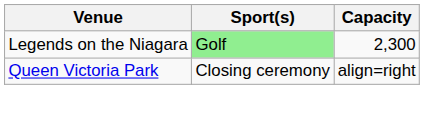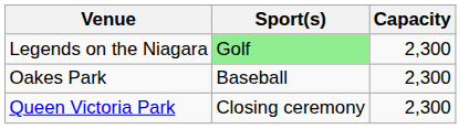 <table class="wikitable sortable">
 <tr>
 <th>Venue</th>
 <th>Sport(s)</th>
 <th>Capacity</th>
 </tr>
 <tr>
 <td>Legends on the Niagara</td>
 <td style="background: lightgreen;">Golf</td>
 <td align="right">2,300</td>
 </tr>
 <tr>
+<td>Oakes Park</td>
+<td>Baseball</td>
+<td align="right">2,300</td>
+</tr>
+<tr>
 <td><a href='#'>Queen Victoria Park</a></td>
 <td>Closing ceremony</td>
-<td>align=right </td>
+<td align="right">2,300</td>
 </tr>
 </table>
